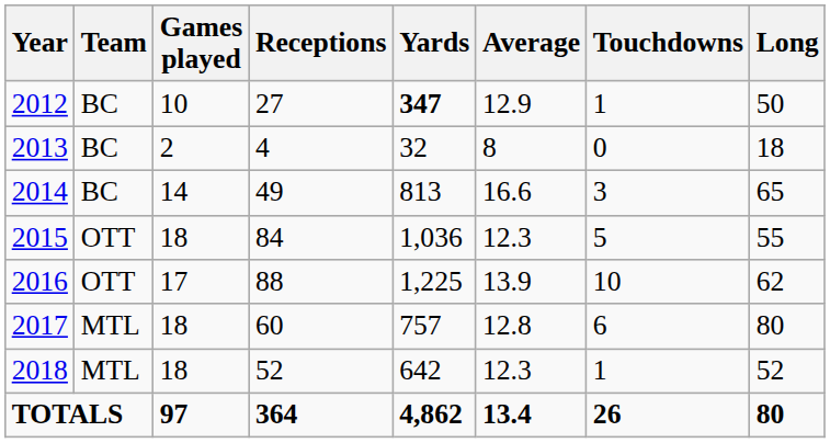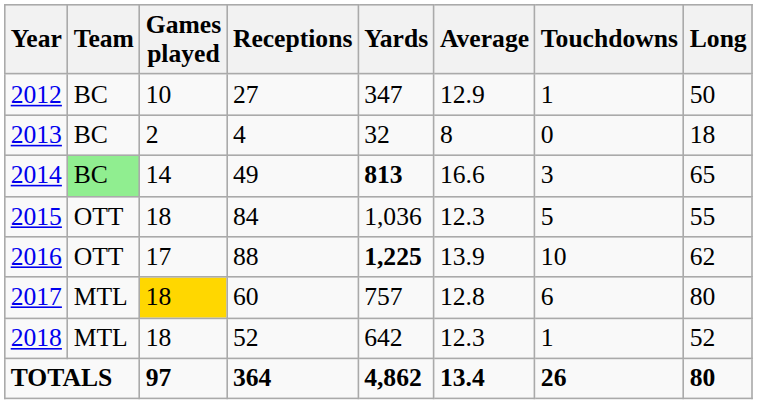 <table class="wikitable">
 <tr>
 <th>Year</th>
 <th>Team</th>
 <th>Games<br>played</th>
 <th>Receptions</th>
 <th>Yards</th>
 <th>Average</th>
 <th>Touchdowns</th>
 <th>Long</th>
 </tr>
 <tr>
 <td><a href='#'>2012</a></td>
 <td>BC</td>
 <td>10</td>
 <td>27</td>
-<td><strong>347</strong></td>
+<td>347</td>
 <td>12.9</td>
 <td>1</td>
 <td>50</td>
 </tr>
 <tr>
 <td><a href='#'>2013</a></td>
 <td>BC</td>
 <td>2</td>
 <td>4</td>
 <td>32</td>
 <td>8</td>
 <td>0</td>
 <td>18</td>
 </tr>
 <tr>
 <td><a href='#'>2014</a></td>
-<td>BC</td>
+<td style="background: lightgreen;">BC</td>
 <td>14</td>
 <td>49</td>
-<td>813</td>
+<td><strong>813</strong></td>
 <td>16.6</td>
 <td>3</td>
 <td>65</td>
 </tr>
 <tr>
 <td><a href='#'>2015</a></td>
 <td>OTT</td>
 <td>18</td>
 <td>84</td>
 <td>1,036</td>
 <td>12.3</td>
 <td>5</td>
 <td>55</td>
 </tr>
 <tr>
 <td><a href='#'>2016</a></td>
 <td>OTT</td>
 <td>17</td>
 <td>88</td>
-<td>1,225</td>
+<td><strong>1,225</strong></td>
 <td>13.9</td>
 <td>10</td>
 <td>62</td>
 </tr>
 <tr>
 <td><a href='#'>2017</a></td>
 <td>MTL</td>
-<td>18</td>
+<td style="background: gold;">18</td>
 <td>60</td>
 <td>757</td>
 <td>12.8</td>
 <td>6</td>
 <td>80</td>
 </tr>
 <tr>
 <td><a href='#'>2018</a></td>
 <td>MTL</td>
 <td>18</td>
 <td>52</td>
 <td>642</td>
 <td>12.3</td>
 <td>1</td>
 <td>52</td>
 </tr>
 <tr>
 <td colspan="2"><strong>TOTALS</strong></td>
 <td><strong>97</strong></td>
 <td><strong>364</strong></td>
 <td><strong>4,862</strong></td>
 <td><strong>13.4</strong></td>
 <td><strong>26</strong></td>
 <td><strong>80</strong></td>
 </tr>
 </table>
